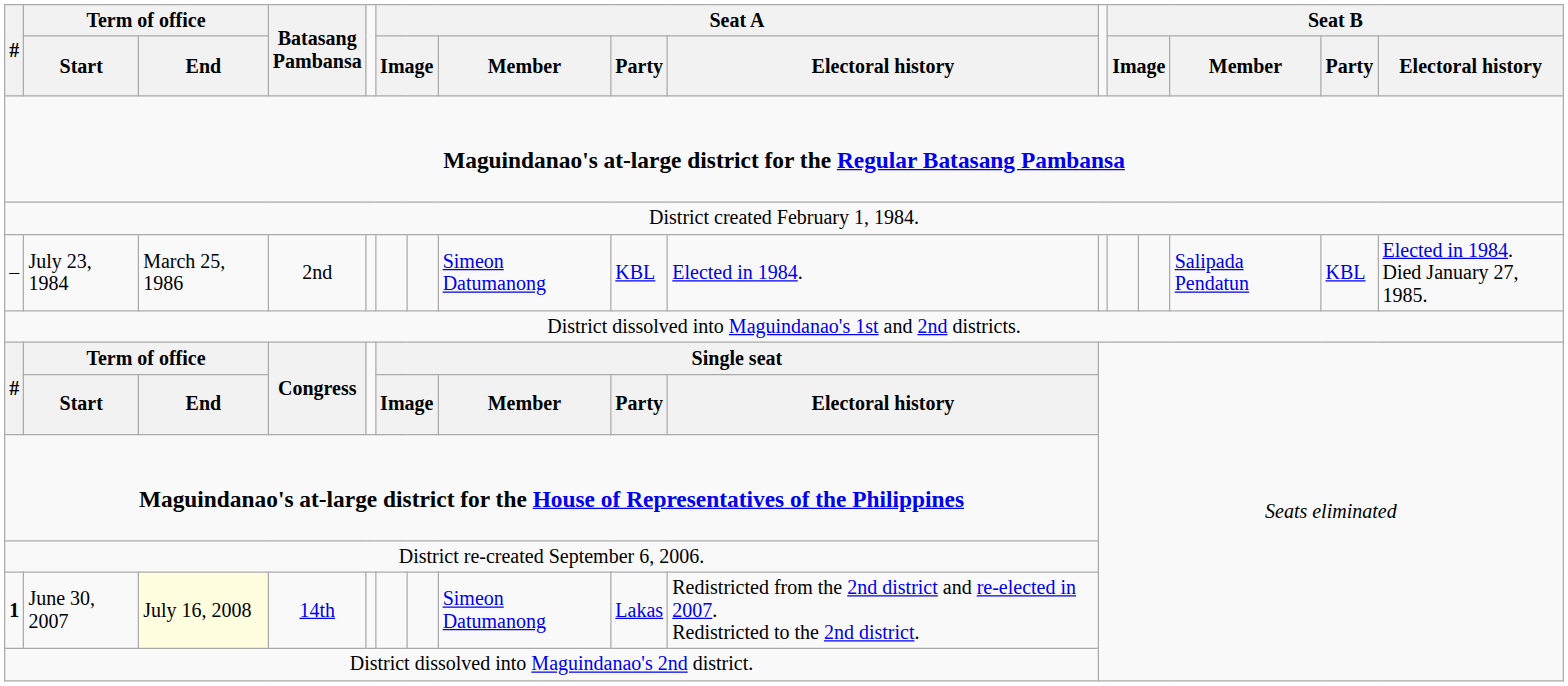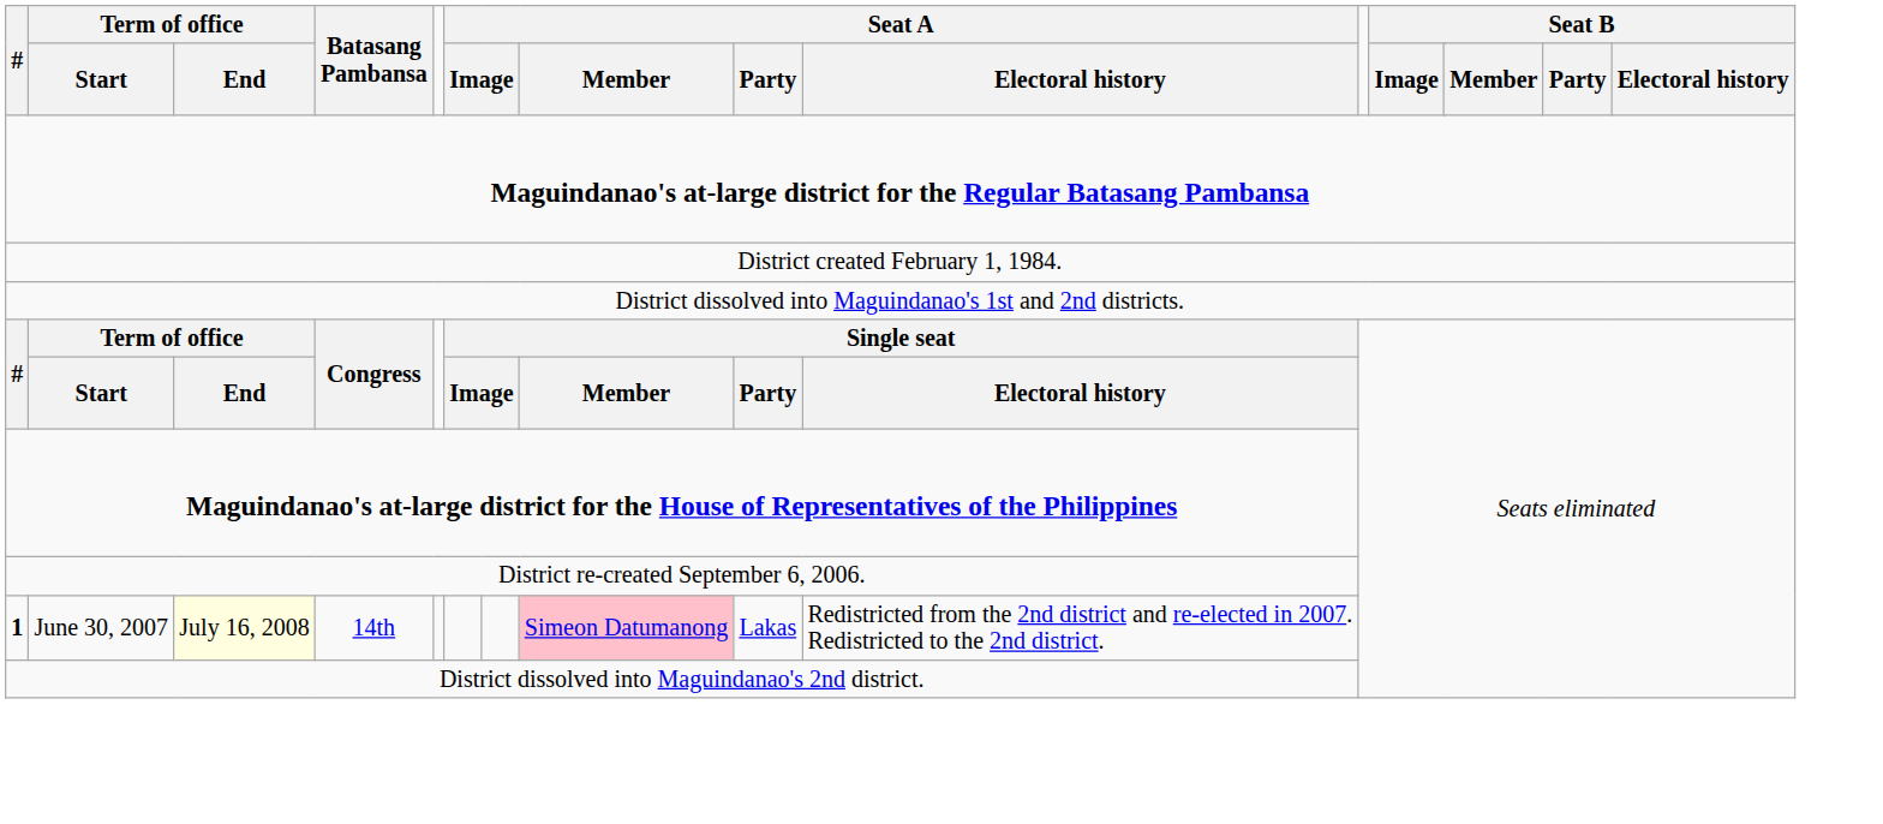 <table class=wikitable>
 <tr>
 <th rowspan=2>#</th>
 <th colspan=2>Term of office</th>
 <th rowspan=2>Batasang<br>Pambansa</th>
 <td rowspan=2></td>
 <th colspan=5>Seat A</th>
 <td rowspan=2></td>
 <th colspan=5>Seat B</th>
 </tr>
 <tr style="height:3em">
 <th>Start</th>
 <th>End</th>
 <th colspan="2" style="text-align:center;">Image</th>
 <th>Member</th>
 <th>Party</th>
 <th>Electoral history</th>
 <th colspan="2" style="text-align:center;">Image</th>
 <th>Member</th>
 <th>Party</th>
 <th>Electoral history</th>
 </tr>
 <tr>
 <td colspan="16" style="text-align:center;"><br><h3>Maguindanao's at-large district for the <a href='#'>Regular Batasang Pambansa</a></h3></td>
 </tr>
 <tr>
 <td colspan="16" style="text-align:center;">District created February 1, 1984.</td>
-</tr>
-<tr style="height:3em">
-<td style="text-align:center;">–</td>
-<td>July 23, 1984</td>
-<td>March 25, 1986</td>
-<td style="text-align:center;">2nd</td>
-<td></td>
-<td style="color:inherit;background:"></td>
-<td></td>
-<td><a href='#'>Simeon Datumanong</a></td>
-<td><a href='#'>KBL</a></td>
-<td><a href='#'>Elected in 1984</a>.</td>
-<td></td>
-<td style="color:inherit;background:"></td>
-<td></td>
-<td><a href='#'>Salipada Pendatun</a></td>
-<td><a href='#'>KBL</a></td>
-<td><a href='#'>Elected in 1984</a>. <br> Died January 27, 1985.</td>
 </tr>
 <tr>
 <td colspan="16" style="text-align:center;">District dissolved into <a href='#'>Maguindanao's 1st</a> and <a href='#'>2nd</a> districts.</td>
 </tr>
 <tr>
 <th rowspan=2>#</th>
 <th colspan=2>Term of office</th>
 <th rowspan=2>Congress</th>
 <td rowspan=2></td>
 <th colspan=5>Single seat</th>
 <td rowspan=99 colspan=6 style="text-align:center;"><em>Seats eliminated</em></td>
 </tr>
 <tr style="height:3em">
 <th>Start</th>
 <th>End</th>
 <th colspan="2" style="text-align:center;">Image</th>
 <th>Member</th>
 <th>Party</th>
 <th>Electoral history</th>
 </tr>
 <tr>
 <td colspan="10" style="text-align:center;"><br><h3>Maguindanao's at-large district for the <a href='#'>House of Representatives of the Philippines</a></h3></td>
 </tr>
 <tr>
 <td colspan="10" style="text-align:center;">District re-created September 6, 2006.</td>
 </tr>
 <tr>
 <td style="text-align:center;"><strong>1</strong></td>
 <td>June 30, 2007</td>
 <td style="background: lightyellow;">July 16, 2008</td>
 <td style="text-align:center;"><a href='#'>14th</a></td>
 <td></td>
 <td style="color:inherit;background:"></td>
 <td></td>
-<td><a href='#'>Simeon Datumanong</a></td>
+<td style="background: pink;"><a href='#'>Simeon Datumanong</a></td>
 <td><a href='#'>Lakas</a></td>
 <td>Redistricted from the <a href='#'>2nd district</a> and <a href='#'>re-elected in 2007</a>. <br> Redistricted to the <a href='#'>2nd district</a>.</td>
 </tr>
 <tr>
 <td colspan="10" style="text-align:center;">District dissolved into <a href='#'>Maguindanao's 2nd</a> district.</td>
 </tr>
 </table>
